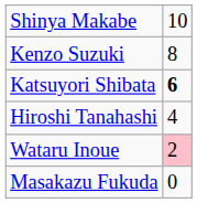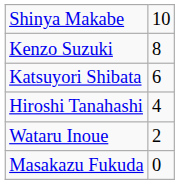 <table class="wikitable" style="margin: 1em auto 1em auto">
 <tr>
 <td><a href='#'>Shinya Makabe</a></td>
 <td>10</td>
 </tr>
 <tr>
 <td><a href='#'>Kenzo Suzuki</a></td>
 <td>8</td>
 </tr>
 <tr>
 <td><a href='#'>Katsuyori Shibata</a></td>
-<td><strong>6</strong></td>
+<td>6</td>
 </tr>
 <tr>
 <td><a href='#'>Hiroshi Tanahashi</a></td>
 <td>4</td>
 </tr>
 <tr>
 <td><a href='#'>Wataru Inoue</a></td>
-<td style="background: pink;">2</td>
+<td>2</td>
 </tr>
 <tr>
 <td><a href='#'>Masakazu Fukuda</a></td>
 <td>0</td>
 </tr>
 </table>
